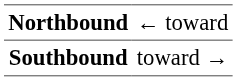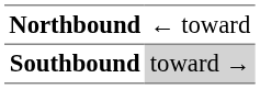 <table border="1" cellspacing="0" cellpadding="3" frame="hsides" rules="rows">
 <tr>
 <th><span>Northbound</span></th>
 <td>←  toward </td>
 </tr>
 <tr>
 <th><span>Southbound</span></th>
-<td>  toward  →</td>
+<td style="background: lightgrey;">  toward  →</td>
 </tr>
 </table>
